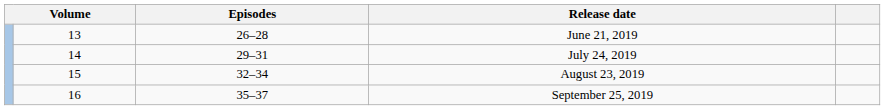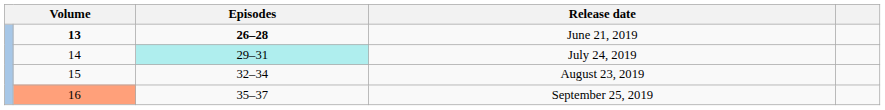 <table class="wikitable" style="text-align: center; width: 70%;">
 <tr>
 <th colspan="2" width="15%">Volume</th>
 <th>Episodes</th>
 <th>Release date</th>
 <th width="5%"></th>
 </tr>
 <tr>
 <td rowspan="4" width="1%" style="background: #A7C7E7"></td>
-<td>13</td>
-<td>26–28</td>
+<td><strong>13</strong></td>
+<td><strong>26–28</strong></td>
 <td>June 21, 2019</td>
 <td></td>
 </tr>
 <tr>
 <td>14</td>
-<td>29–31</td>
+<td style="background: paleturquoise;">29–31</td>
 <td>July 24, 2019</td>
 <td></td>
 </tr>
 <tr>
 <td>15</td>
 <td>32–34</td>
 <td>August 23, 2019</td>
 <td></td>
 </tr>
 <tr>
-<td>16</td>
+<td style="background: lightsalmon;">16</td>
 <td>35–37</td>
 <td>September 25, 2019</td>
 <td></td>
 </tr>
 </table>
